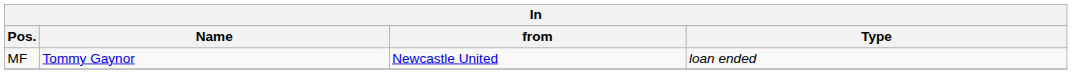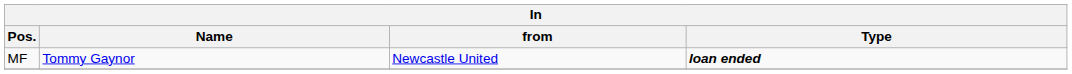 <table class="wikitable" style="font-size:100%;width:99%;">
 <tr>
 <th colspan="4">In</th>
 </tr>
 <tr>
 <th width=3%>Pos.</th>
 <th width=33%>Name</th>
 <th width=28%>from</th>
 <th width=36%>Type</th>
 </tr>
 <tr>
 <td>MF</td>
 <td><a href='#'>Tommy Gaynor</a></td>
 <td><a href='#'>Newcastle United</a></td>
-<td><em>loan ended</em></td>
+<td><strong><em>loan ended</em></strong></td>
 </tr>
 <tr>
 </tr>
 </table>
